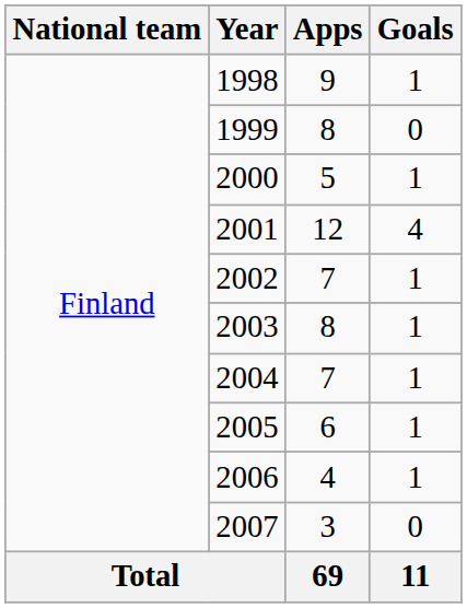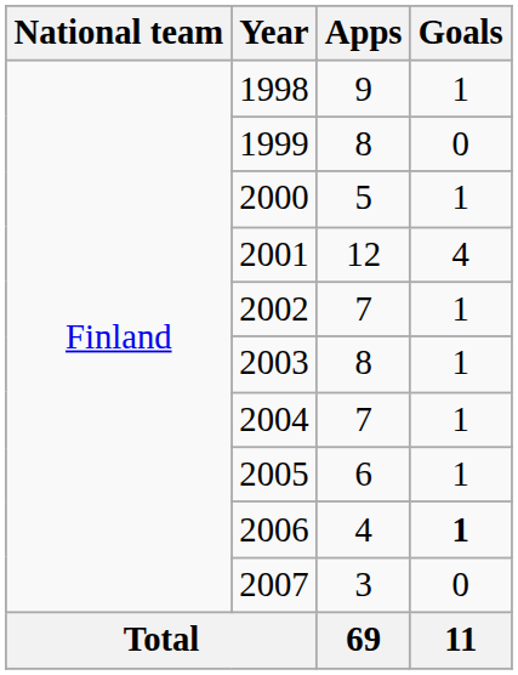 <table class="wikitable" style="text-align:center">
 <tr>
 <th>National team</th>
 <th>Year</th>
 <th>Apps</th>
 <th>Goals</th>
 </tr>
 <tr>
 <td rowspan="10"><a href='#'>Finland</a></td>
 <td>1998</td>
 <td>9</td>
 <td>1</td>
 </tr>
 <tr>
 <td>1999</td>
 <td>8</td>
 <td>0</td>
 </tr>
 <tr>
 <td>2000</td>
 <td>5</td>
 <td>1</td>
 </tr>
 <tr>
 <td>2001</td>
 <td>12</td>
 <td>4</td>
 </tr>
 <tr>
 <td>2002</td>
 <td>7</td>
 <td>1</td>
 </tr>
 <tr>
 <td>2003</td>
 <td>8</td>
 <td>1</td>
 </tr>
 <tr>
 <td>2004</td>
 <td>7</td>
 <td>1</td>
 </tr>
 <tr>
 <td>2005</td>
 <td>6</td>
 <td>1</td>
 </tr>
 <tr>
 <td>2006</td>
 <td>4</td>
-<td>1</td>
+<td><strong>1</strong></td>
 </tr>
 <tr>
 <td>2007</td>
 <td>3</td>
 <td>0</td>
 </tr>
 <tr>
 <th colspan="2">Total</th>
 <th>69</th>
 <th>11</th>
 </tr>
 </table>
